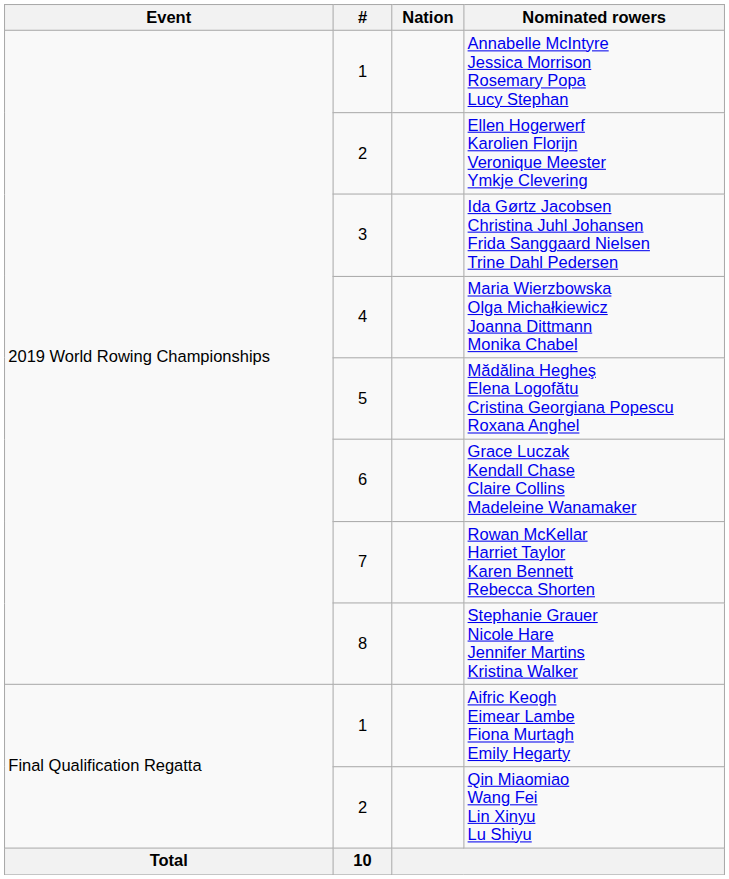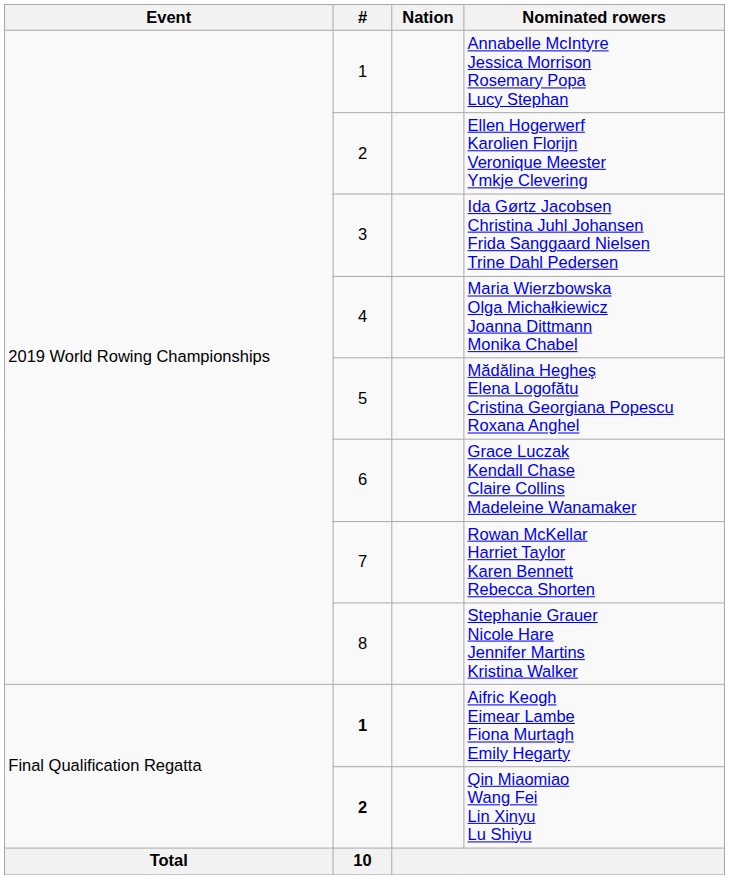 <table class="wikitable"  style="width:700px; text-align:center;">
 <tr>
 <th>Event</th>
 <th width=50>#</th>
 <th>Nation</th>
 <th>Nominated rowers</th>
 </tr>
 <tr>
 <td rowspan=8 align=left>2019 World Rowing Championships</td>
 <td>1</td>
 <td align=left></td>
 <td align=left><a href='#'>Annabelle McIntyre</a><br><a href='#'>Jessica Morrison</a><br><a href='#'>Rosemary Popa</a><br><a href='#'>Lucy Stephan</a></td>
 </tr>
 <tr>
 <td>2</td>
 <td align=left></td>
 <td align=left><a href='#'>Ellen Hogerwerf</a><br><a href='#'>Karolien Florijn</a><br><a href='#'>Veronique Meester</a><br><a href='#'>Ymkje Clevering</a></td>
 </tr>
 <tr>
 <td>3</td>
 <td align=left></td>
 <td align=left><a href='#'>Ida Gørtz Jacobsen</a><br><a href='#'>Christina Juhl Johansen</a><br><a href='#'>Frida Sanggaard Nielsen</a><br><a href='#'>Trine Dahl Pedersen</a></td>
 </tr>
 <tr>
 <td>4</td>
 <td align=left></td>
 <td align=left><a href='#'>Maria Wierzbowska</a><br><a href='#'>Olga Michałkiewicz</a><br><a href='#'>Joanna Dittmann</a><br><a href='#'>Monika Chabel</a></td>
 </tr>
 <tr>
 <td>5</td>
 <td align=left></td>
 <td align=left><a href='#'>Mădălina Hegheş</a><br><a href='#'>Elena Logofătu</a><br><a href='#'>Cristina Georgiana Popescu</a><br><a href='#'>Roxana Anghel</a></td>
 </tr>
 <tr>
 <td>6</td>
 <td align=left></td>
 <td align=left><a href='#'>Grace Luczak</a><br><a href='#'>Kendall Chase</a><br><a href='#'>Claire Collins</a><br><a href='#'>Madeleine Wanamaker</a></td>
 </tr>
 <tr>
 <td>7</td>
 <td align=left></td>
 <td align=left><a href='#'>Rowan McKellar</a><br><a href='#'>Harriet Taylor</a><br><a href='#'>Karen Bennett</a><br><a href='#'>Rebecca Shorten</a></td>
 </tr>
 <tr>
 <td>8</td>
 <td align=left></td>
 <td align=left><a href='#'>Stephanie Grauer</a><br><a href='#'>Nicole Hare</a><br><a href='#'>Jennifer Martins</a><br><a href='#'>Kristina Walker</a></td>
 </tr>
 <tr>
 <td rowspan=2 align=left>Final Qualification Regatta</td>
-<td>1</td>
+<td><strong>1</strong></td>
 <td align=left></td>
 <td align=left><a href='#'>Aifric Keogh</a><br><a href='#'>Eimear Lambe</a><br><a href='#'>Fiona Murtagh</a><br><a href='#'>Emily Hegarty</a></td>
 </tr>
 <tr>
-<td>2</td>
+<td><strong>2</strong></td>
 <td align=left></td>
 <td align=left><a href='#'>Qin Miaomiao</a><br><a href='#'>Wang Fei</a><br><a href='#'>Lin Xinyu</a><br><a href='#'>Lu Shiyu</a></td>
 </tr>
 <tr>
 <th>Total</th>
 <th>10</th>
 <th colspan=2></th>
 </tr>
 </table>
